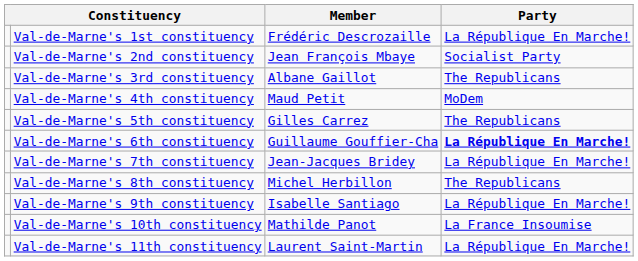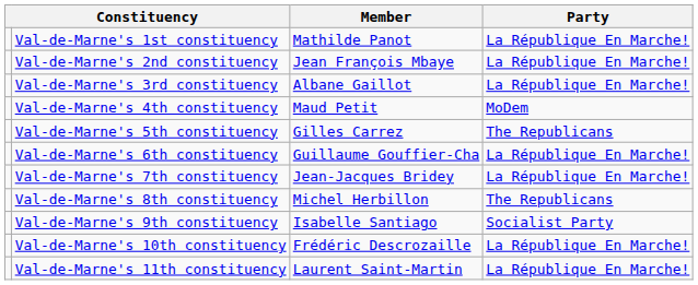 <table class="wikitable">
 <tr>
 <th colspan="2">Constituency</th>
 <th>Member</th>
 <th>Party</th>
 </tr>
 <tr>
 <td style="background-color: "></td>
 <td><a href='#'>Val-de-Marne's 1st constituency</a></td>
-<td><a href='#'>Frédéric Descrozaille</a></td>
+<td><a href='#'>Mathilde Panot</a></td>
 <td><a href='#'>La République En Marche!</a></td>
 </tr>
 <tr>
 <td style="background-color: "></td>
 <td><a href='#'>Val-de-Marne's 2nd constituency</a></td>
 <td><a href='#'>Jean François Mbaye</a></td>
-<td><a href='#'>Socialist Party</a></td>
+<td><a href='#'>La République En Marche!</a></td>
 </tr>
 <tr>
 <td style="background-color: "></td>
 <td><a href='#'>Val-de-Marne's 3rd constituency</a></td>
 <td><a href='#'>Albane Gaillot</a></td>
-<td><a href='#'>The Republicans</a></td>
+<td><a href='#'>La République En Marche!</a></td>
 </tr>
 <tr>
 <td style="background-color: "></td>
 <td><a href='#'>Val-de-Marne's 4th constituency</a></td>
 <td><a href='#'>Maud Petit</a></td>
 <td><a href='#'>MoDem</a></td>
 </tr>
 <tr>
 <td style="background-color: "></td>
 <td><a href='#'>Val-de-Marne's 5th constituency</a></td>
 <td><a href='#'>Gilles Carrez</a></td>
 <td><a href='#'>The Republicans</a></td>
 </tr>
 <tr>
 <td style="background-color: "></td>
 <td><a href='#'>Val-de-Marne's 6th constituency</a></td>
 <td><a href='#'>Guillaume Gouffier-Cha</a></td>
-<td><strong><a href='#'>La République En Marche!</a></strong></td>
+<td><a href='#'>La République En Marche!</a></td>
 </tr>
 <tr>
 <td style="background-color: "></td>
 <td><a href='#'>Val-de-Marne's 7th constituency</a></td>
 <td><a href='#'>Jean-Jacques Bridey</a></td>
 <td><a href='#'>La République En Marche!</a></td>
 </tr>
 <tr>
 <td style="background-color: "></td>
 <td><a href='#'>Val-de-Marne's 8th constituency</a></td>
 <td><a href='#'>Michel Herbillon</a></td>
 <td><a href='#'>The Republicans</a></td>
 </tr>
 <tr>
 <td style="background-color: "></td>
 <td><a href='#'>Val-de-Marne's 9th constituency</a></td>
 <td><a href='#'>Isabelle Santiago</a></td>
-<td><a href='#'>La République En Marche!</a></td>
+<td><a href='#'>Socialist Party</a></td>
 </tr>
 <tr>
 <td style="background-color: "></td>
 <td><a href='#'>Val-de-Marne's 10th constituency</a></td>
-<td><a href='#'>Mathilde Panot</a></td>
-<td><a href='#'>La France Insoumise</a></td>
+<td><a href='#'>Frédéric Descrozaille</a></td>
+<td><a href='#'>La République En Marche!</a></td>
 </tr>
 <tr>
 <td style="background-color: "></td>
 <td><a href='#'>Val-de-Marne's 11th constituency</a></td>
 <td><a href='#'>Laurent Saint-Martin</a></td>
 <td><a href='#'>La République En Marche!</a></td>
 </tr>
 </table>
